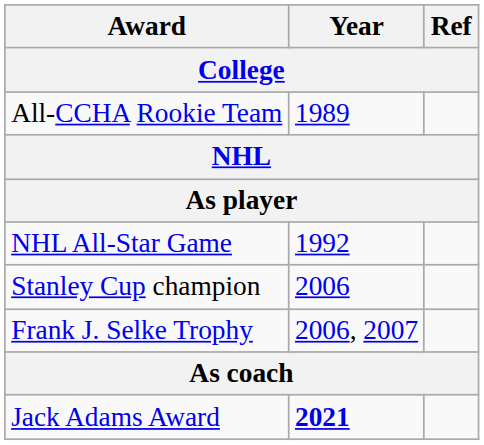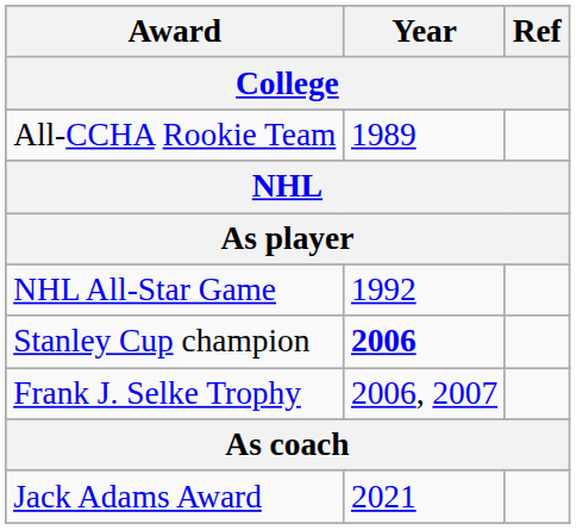 <table class="wikitable">
 <tr>
 <th>Award</th>
 <th>Year</th>
 <th>Ref</th>
 </tr>
 <tr>
 <th colspan="3"><a href='#'>College</a></th>
 </tr>
 <tr>
 <td>All-<a href='#'>CCHA</a> <a href='#'>Rookie Team</a></td>
 <td><a href='#'>1989</a></td>
 <td></td>
 </tr>
 <tr>
 <th colspan="3"><a href='#'>NHL</a></th>
 </tr>
 <tr>
 <th colspan="3">As player</th>
 </tr>
 <tr>
 <td><a href='#'>NHL All-Star Game</a></td>
 <td><a href='#'>1992</a></td>
 <td></td>
 </tr>
 <tr>
 <td><a href='#'>Stanley Cup</a> champion</td>
-<td><a href='#'>2006</a></td>
+<td><strong><a href='#'>2006</a></strong></td>
 <td></td>
 </tr>
 <tr>
 <td><a href='#'>Frank J. Selke Trophy</a></td>
 <td><a href='#'>2006</a>, <a href='#'>2007</a></td>
 <td></td>
 </tr>
 <tr>
 <th colspan="3">As coach</th>
 </tr>
 <tr>
 <td><a href='#'>Jack Adams Award</a></td>
-<td><strong><a href='#'>2021</a></strong></td>
+<td><a href='#'>2021</a></td>
 <td></td>
 </tr>
 </table>
